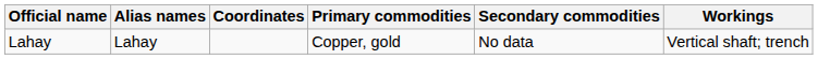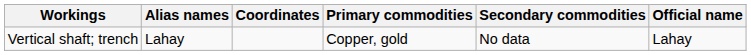 <table class="sortable wikitable">
 <tr>
-<th>Official name</th>
+<th>Workings</th>
 <th>Alias names</th>
 <th>Coordinates</th>
 <th>Primary commodities</th>
 <th>Secondary commodities</th>
-<th>Workings</th>
+<th>Official name</th>
 </tr>
 <tr>
-<td>Lahay</td>
+<td>Vertical shaft; trench</td>
 <td>Lahay</td>
 <td></td>
 <td>Copper, gold</td>
 <td>No data</td>
-<td>Vertical shaft; trench</td>
+<td>Lahay</td>
 </tr>
 </table>
